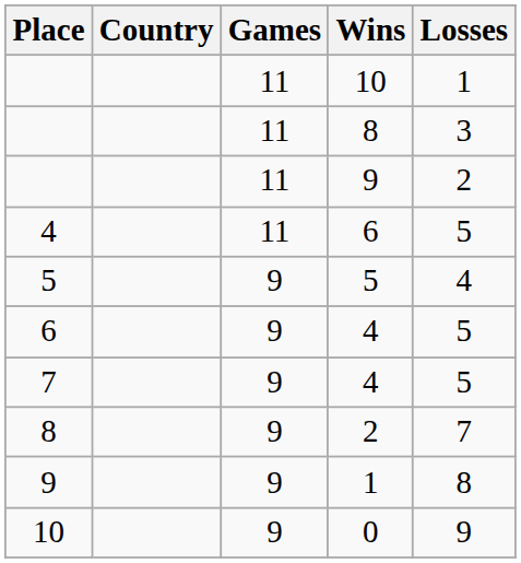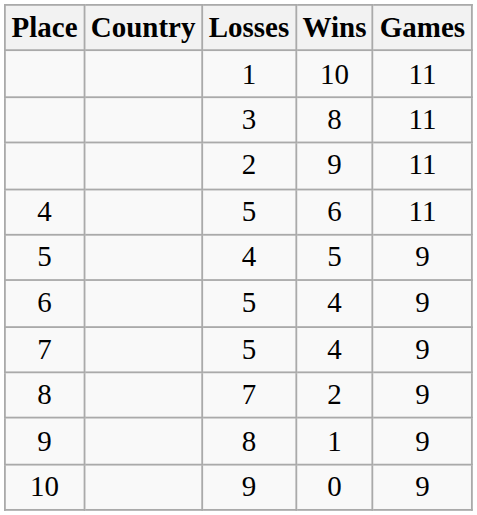 <table class="wikitable" style="text-align:center;">
 <tr>
 <th>Place</th>
 <th>Country</th>
+<th>Losses</th>
+<th>Wins</th>
 <th>Games</th>
-<th>Wins</th>
-<th>Losses</th>
 </tr>
 <tr>
 <td></td>
 <td align=left></td>
+<td>1</td>
+<td>10</td>
 <td>11</td>
-<td>10</td>
-<td>1</td>
 </tr>
 <tr>
 <td></td>
 <td align=left></td>
+<td>3</td>
+<td>8</td>
 <td>11</td>
-<td>8</td>
-<td>3</td>
 </tr>
 <tr>
 <td></td>
 <td align=left></td>
+<td>2</td>
+<td>9</td>
 <td>11</td>
-<td>9</td>
-<td>2</td>
 </tr>
 <tr>
 <td>4</td>
 <td align=left></td>
+<td>5</td>
+<td>6</td>
 <td>11</td>
-<td>6</td>
-<td>5</td>
 </tr>
 <tr>
 <td>5</td>
 <td align=left></td>
+<td>4</td>
+<td>5</td>
 <td>9</td>
-<td>5</td>
-<td>4</td>
 </tr>
 <tr>
 <td>6</td>
 <td align=left></td>
+<td>5</td>
+<td>4</td>
 <td>9</td>
-<td>4</td>
-<td>5</td>
 </tr>
 <tr>
 <td>7</td>
 <td align=left></td>
+<td>5</td>
+<td>4</td>
 <td>9</td>
-<td>4</td>
-<td>5</td>
 </tr>
 <tr>
 <td>8</td>
 <td align=left></td>
+<td>7</td>
+<td>2</td>
 <td>9</td>
-<td>2</td>
-<td>7</td>
 </tr>
 <tr>
 <td>9</td>
 <td align=left></td>
+<td>8</td>
+<td>1</td>
 <td>9</td>
-<td>1</td>
-<td>8</td>
 </tr>
 <tr>
 <td>10</td>
 <td align=left></td>
 <td>9</td>
 <td>0</td>
 <td>9</td>
 </tr>
 </table>
